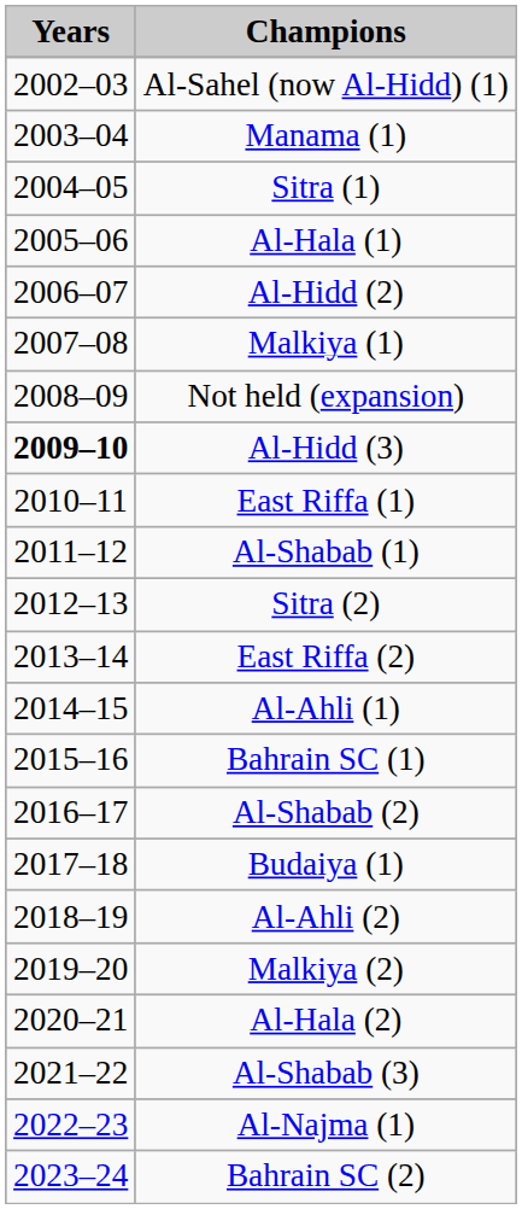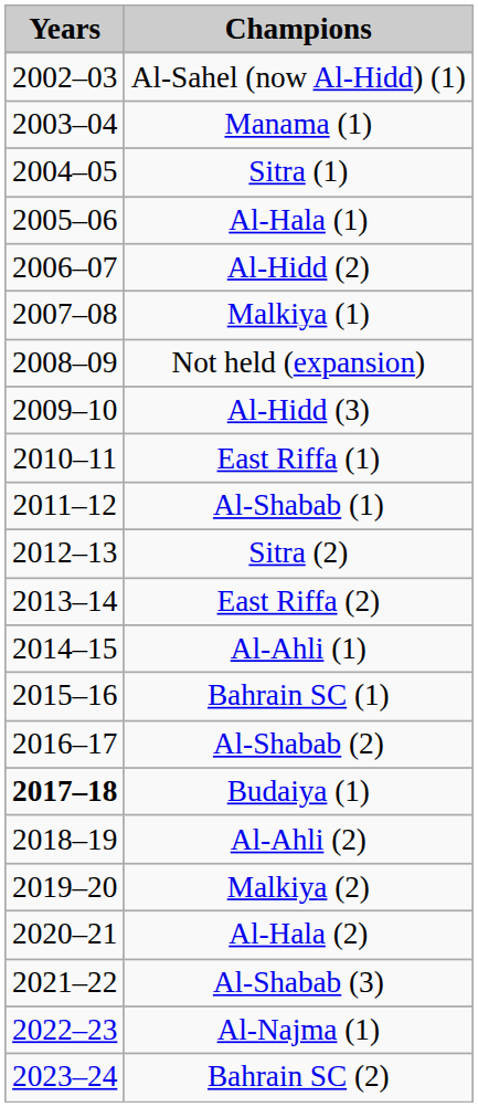 <table class="wikitable" style="text-align: center;">
 <tr bgcolor="#CCCCCC">
 <td><strong>Years</strong></td>
 <td><strong>Champions</strong></td>
 </tr>
 <tr bgcolor="#EFEFEF">
 </tr>
 <tr>
 <td>2002–03</td>
 <td>Al-Sahel (now <a href='#'>Al-Hidd</a>) (1)</td>
 </tr>
 <tr>
 <td>2003–04</td>
 <td><a href='#'>Manama</a> (1)</td>
 </tr>
 <tr>
 <td>2004–05</td>
 <td><a href='#'>Sitra</a> (1)</td>
 </tr>
 <tr>
 <td>2005–06</td>
 <td><a href='#'>Al-Hala</a> (1)</td>
 </tr>
 <tr>
 <td>2006–07</td>
 <td><a href='#'>Al-Hidd</a> (2)</td>
 </tr>
 <tr>
 <td>2007–08</td>
 <td><a href='#'>Malkiya</a> (1)</td>
 </tr>
 <tr>
 <td>2008–09</td>
 <td>Not held (<a href='#'>expansion</a>)</td>
 </tr>
 <tr>
-<td><strong>2009–10</strong></td>
+<td>2009–10</td>
 <td><a href='#'>Al-Hidd</a> (3)</td>
 </tr>
 <tr>
 <td>2010–11</td>
 <td><a href='#'>East Riffa</a> (1)</td>
 </tr>
 <tr>
 <td>2011–12</td>
 <td><a href='#'>Al-Shabab</a> (1)</td>
 </tr>
 <tr>
 <td>2012–13</td>
 <td><a href='#'>Sitra</a> (2)</td>
 </tr>
 <tr>
 <td>2013–14</td>
 <td><a href='#'>East Riffa</a> (2)</td>
 </tr>
 <tr>
 <td>2014–15</td>
 <td><a href='#'>Al-Ahli</a> (1)</td>
 </tr>
 <tr>
 <td>2015–16</td>
 <td><a href='#'>Bahrain SC</a> (1)</td>
 </tr>
 <tr>
 <td>2016–17</td>
 <td><a href='#'>Al-Shabab</a> (2)</td>
 </tr>
 <tr>
-<td>2017–18</td>
+<td><strong>2017–18</strong></td>
 <td><a href='#'>Budaiya</a> (1)</td>
 </tr>
 <tr>
 <td>2018–19</td>
 <td><a href='#'>Al-Ahli</a> (2)</td>
 </tr>
 <tr>
 <td>2019–20</td>
 <td><a href='#'>Malkiya</a> (2)</td>
 </tr>
 <tr>
 <td>2020–21</td>
 <td><a href='#'>Al-Hala</a> (2)</td>
 </tr>
 <tr>
 <td>2021–22</td>
 <td><a href='#'>Al-Shabab</a> (3)</td>
 </tr>
 <tr>
 <td><a href='#'>2022–23</a></td>
 <td><a href='#'>Al-Najma</a> (1)</td>
 </tr>
 <tr>
 <td><a href='#'>2023–24</a></td>
 <td><a href='#'>Bahrain SC</a> (2)</td>
 </tr>
 </table>
